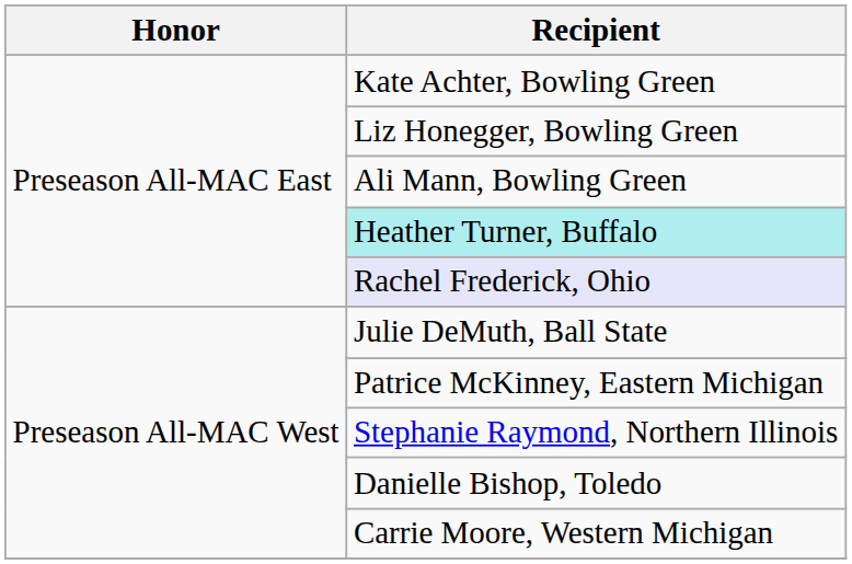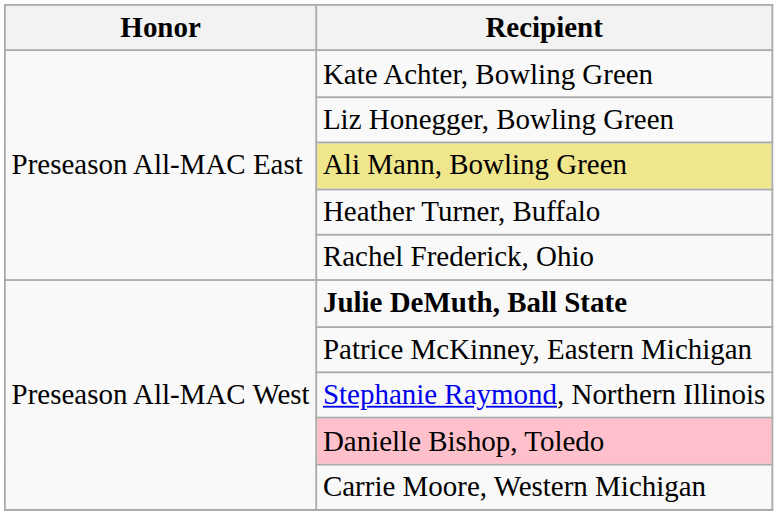 <table class="wikitable" border="1">
 <tr>
 <th>Honor</th>
 <th>Recipient</th>
 </tr>
 <tr>
 <td rowspan=5 valign=middle>Preseason All-MAC East</td>
 <td>Kate Achter, Bowling Green</td>
 </tr>
 <tr>
 <td>Liz Honegger, Bowling Green</td>
 </tr>
 <tr>
-<td>Ali Mann, Bowling Green</td>
+<td style="background: khaki;">Ali Mann, Bowling Green</td>
 </tr>
 <tr>
-<td style="background: paleturquoise;">Heather Turner, Buffalo</td>
+<td>Heather Turner, Buffalo</td>
 </tr>
 <tr>
-<td style="background: lavender;">Rachel Frederick, Ohio</td>
+<td>Rachel Frederick, Ohio</td>
 </tr>
 <tr>
 <td rowspan=5 valign=middle>Preseason All-MAC West</td>
-<td>Julie DeMuth, Ball State</td>
+<td><strong>Julie DeMuth, Ball State</strong></td>
 </tr>
 <tr>
 <td>Patrice McKinney, Eastern Michigan</td>
 </tr>
 <tr>
 <td><a href='#'>Stephanie Raymond</a>, Northern Illinois</td>
 </tr>
 <tr>
-<td>Danielle Bishop, Toledo</td>
+<td style="background: pink;">Danielle Bishop, Toledo</td>
 </tr>
 <tr>
 <td>Carrie Moore, Western Michigan</td>
 </tr>
 <tr>
 </tr>
 </table>
